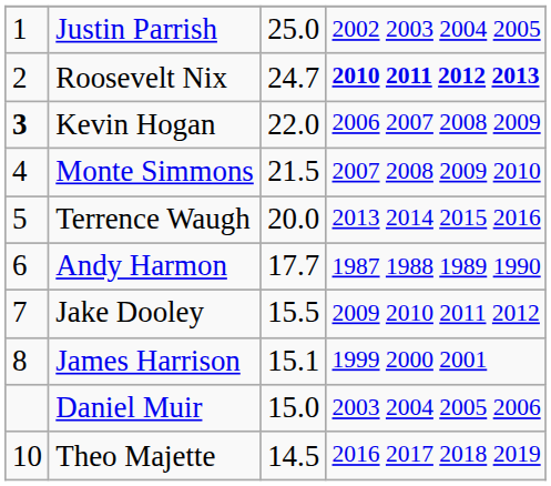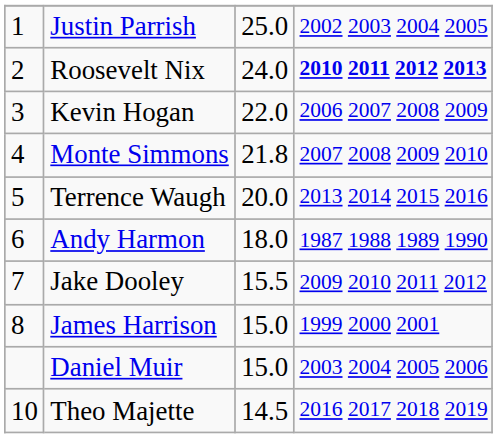 <table class="wikitable" style="display:inline-table;">
 <tr>
 </tr>
 <tr>
 <td>1</td>
 <td><a href='#'>Justin Parrish</a></td>
 <td>25.0</td>
 <td style="font-size:80%;"><a href='#'>2002</a> <a href='#'>2003</a> <a href='#'>2004</a> <a href='#'>2005</a></td>
 </tr>
 <tr>
 <td>2</td>
 <td>Roosevelt Nix</td>
-<td>24.7</td>
+<td>24.0</td>
 <td style="font-size:80%;"><strong><a href='#'>2010</a> <a href='#'>2011</a> <a href='#'>2012</a> <a href='#'>2013</a></strong></td>
 </tr>
 <tr>
-<td><strong>3</strong></td>
+<td>3</td>
 <td>Kevin Hogan</td>
 <td>22.0</td>
 <td style="font-size:80%;"><a href='#'>2006</a> <a href='#'>2007</a> <a href='#'>2008</a> <a href='#'>2009</a></td>
 </tr>
 <tr>
 <td>4</td>
 <td><a href='#'>Monte Simmons</a></td>
-<td>21.5</td>
+<td>21.8</td>
 <td style="font-size:80%;"><a href='#'>2007</a> <a href='#'>2008</a> <a href='#'>2009</a> <a href='#'>2010</a></td>
 </tr>
 <tr>
 <td>5</td>
 <td>Terrence Waugh</td>
 <td>20.0</td>
 <td style="font-size:80%;"><a href='#'>2013</a> <a href='#'>2014</a> <a href='#'>2015</a> <a href='#'>2016</a></td>
 </tr>
 <tr>
 <td>6</td>
 <td><a href='#'>Andy Harmon</a></td>
-<td>17.7</td>
+<td>18.0</td>
 <td style="font-size:80%;"><a href='#'>1987</a> <a href='#'>1988</a> <a href='#'>1989</a> <a href='#'>1990</a></td>
 </tr>
 <tr>
 <td>7</td>
 <td>Jake Dooley</td>
 <td>15.5</td>
 <td style="font-size:80%;"><a href='#'>2009</a> <a href='#'>2010</a> <a href='#'>2011</a> <a href='#'>2012</a></td>
 </tr>
 <tr>
 <td>8</td>
 <td><a href='#'>James Harrison</a></td>
-<td>15.1</td>
+<td>15.0</td>
 <td style="font-size:80%;"><a href='#'>1999</a> <a href='#'>2000</a> <a href='#'>2001</a></td>
 </tr>
 <tr>
 <td></td>
 <td><a href='#'>Daniel Muir</a></td>
 <td>15.0</td>
 <td style="font-size:80%;"><a href='#'>2003</a> <a href='#'>2004</a> <a href='#'>2005</a> <a href='#'>2006</a></td>
 </tr>
 <tr>
 <td>10</td>
 <td>Theo Majette</td>
 <td>14.5</td>
 <td style="font-size:80%;"><a href='#'>2016</a> <a href='#'>2017</a> <a href='#'>2018</a> <a href='#'>2019</a></td>
 </tr>
 </table>
